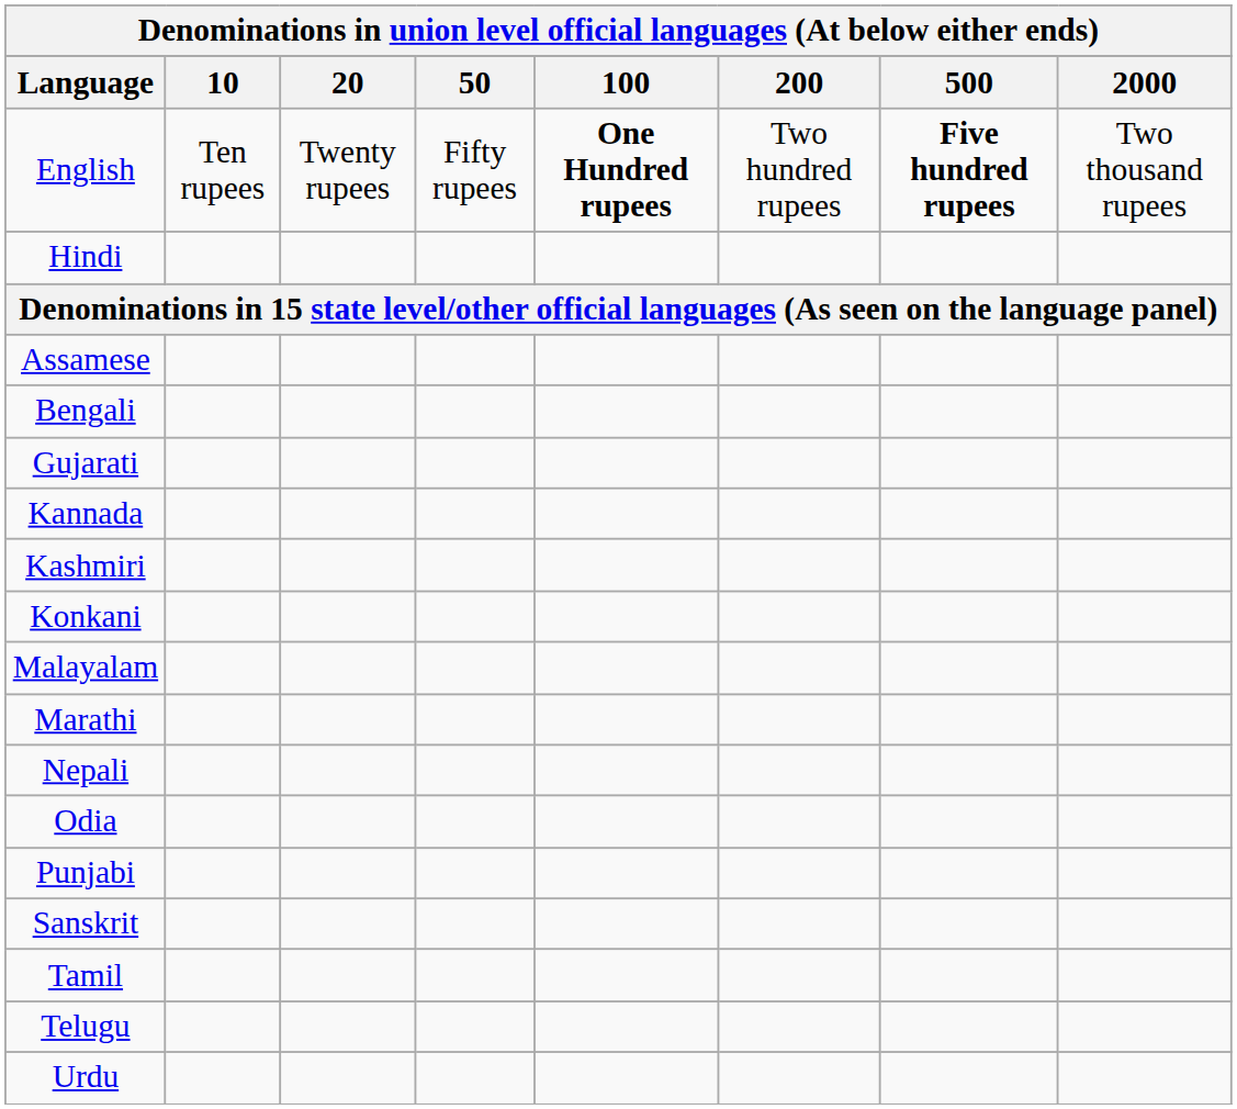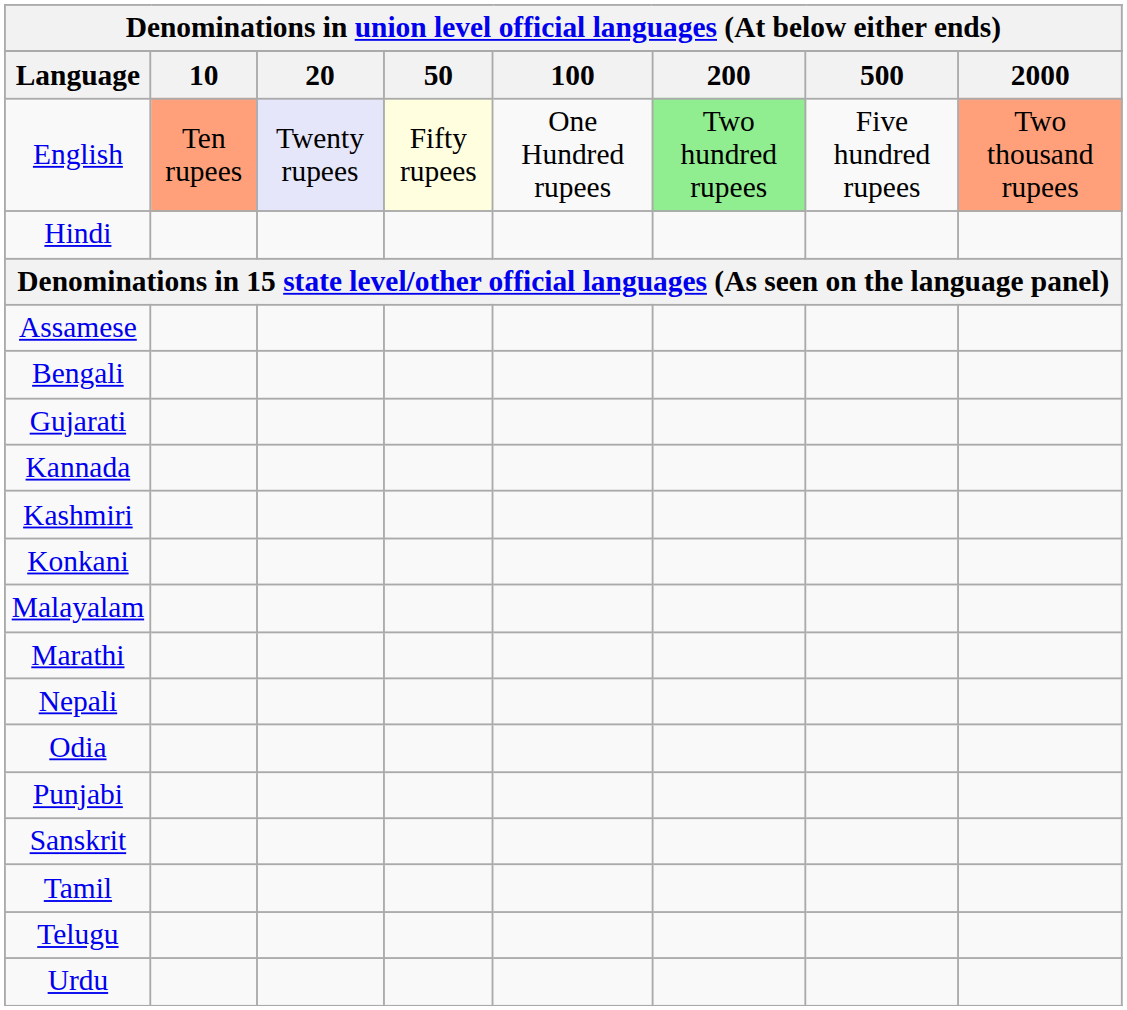 <table class="wikitable" style="text-align:center">
 <tr>
 <th colspan="11">Denominations in <a href='#'>union level official languages</a> (At below either ends)</th>
 </tr>
 <tr>
 </tr>
 <tr>
 <th>Language</th>
 <th>10</th>
 <th>20</th>
 <th>50</th>
 <th>100</th>
 <th>200</th>
 <th>500</th>
 <th>2000</th>
 </tr>
 <tr>
 <td><a href='#'>English</a></td>
-<td>Ten rupees</td>
-<td>Twenty rupees</td>
-<td>Fifty rupees</td>
-<td><strong>One Hundred rupees</strong></td>
-<td>Two hundred rupees</td>
-<td><strong>Five hundred rupees</strong></td>
-<td>Two thousand rupees</td>
+<td style="background: lightsalmon;">Ten rupees</td>
+<td style="background: lavender;">Twenty rupees</td>
+<td style="background: lightyellow;">Fifty rupees</td>
+<td>One Hundred rupees</td>
+<td style="background: lightgreen;">Two hundred rupees</td>
+<td>Five hundred rupees</td>
+<td style="background: lightsalmon;">Two thousand rupees</td>
 </tr>
 <tr>
 <td><a href='#'>Hindi</a></td>
 <td></td>
 <td></td>
 <td></td>
 <td></td>
 <td></td>
 <td></td>
 <td></td>
 </tr>
 <tr>
 <th colspan="11">Denominations in 15 <a href='#'>state level/other official languages</a> (As seen on the language panel)</th>
 </tr>
 <tr>
 <td><a href='#'>Assamese</a></td>
 <td></td>
 <td></td>
 <td></td>
 <td></td>
 <td></td>
 <td></td>
 <td></td>
 </tr>
 <tr>
 <td><a href='#'>Bengali</a></td>
 <td></td>
 <td></td>
 <td></td>
 <td></td>
 <td></td>
 <td></td>
 <td></td>
 </tr>
 <tr>
 <td><a href='#'>Gujarati</a></td>
 <td></td>
 <td></td>
 <td></td>
 <td></td>
 <td></td>
 <td></td>
 <td></td>
 </tr>
 <tr>
 <td><a href='#'>Kannada</a></td>
 <td></td>
 <td></td>
 <td></td>
 <td></td>
 <td></td>
 <td></td>
 <td></td>
 </tr>
 <tr>
 <td><a href='#'>Kashmiri</a></td>
 <td></td>
 <td></td>
 <td></td>
 <td></td>
 <td></td>
 <td></td>
 <td></td>
 </tr>
 <tr>
 <td><a href='#'>Konkani</a></td>
 <td></td>
 <td></td>
 <td></td>
 <td></td>
 <td></td>
 <td></td>
 <td></td>
 </tr>
 <tr>
 <td><a href='#'>Malayalam</a></td>
 <td></td>
 <td></td>
 <td></td>
 <td></td>
 <td></td>
 <td></td>
 <td></td>
 </tr>
 <tr>
 <td><a href='#'>Marathi</a></td>
 <td></td>
 <td></td>
 <td></td>
 <td></td>
 <td></td>
 <td></td>
 <td></td>
 </tr>
 <tr>
 <td><a href='#'>Nepali</a></td>
 <td></td>
 <td></td>
 <td></td>
 <td></td>
 <td></td>
 <td></td>
 <td></td>
 </tr>
 <tr>
 <td><a href='#'>Odia</a></td>
 <td></td>
 <td></td>
 <td></td>
 <td></td>
 <td></td>
 <td></td>
 <td></td>
 </tr>
 <tr>
 <td><a href='#'>Punjabi</a></td>
 <td></td>
 <td></td>
 <td></td>
 <td></td>
 <td></td>
 <td></td>
 <td></td>
 </tr>
 <tr>
 <td><a href='#'>Sanskrit</a></td>
 <td></td>
 <td></td>
 <td></td>
 <td></td>
 <td></td>
 <td></td>
 <td></td>
 </tr>
 <tr>
 <td><a href='#'>Tamil</a></td>
 <td></td>
 <td></td>
 <td></td>
 <td></td>
 <td></td>
 <td></td>
 <td></td>
 </tr>
 <tr>
 <td><a href='#'>Telugu</a></td>
 <td></td>
 <td></td>
 <td></td>
 <td></td>
 <td></td>
 <td></td>
 <td></td>
 </tr>
 <tr>
 <td><a href='#'>Urdu</a></td>
 <td></td>
 <td></td>
 <td></td>
 <td></td>
 <td></td>
 <td></td>
 <td></td>
 </tr>
 <tr>
 </tr>
 </table>
